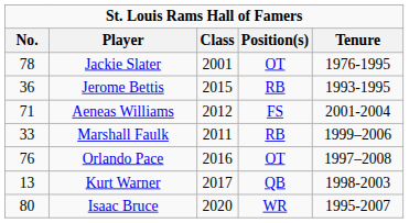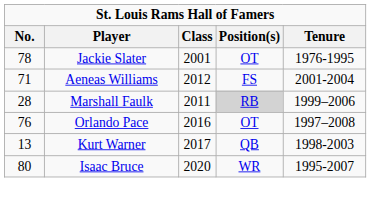 <table class="wikitable" style="text-align:center;">
 <tr>
 <td colspan="5"><strong>St. Louis Rams Hall of Famers</strong></td>
 </tr>
 <tr>
 <th style="width:40px; ">No.</th>
 <th style="width:150px; ">Player</th>
 <th style="width:30px; ">Class</th>
 <th style="width:40px; ">Position(s)</th>
 <th style="width:90px; ">Tenure</th>
 </tr>
 <tr>
 <td>78</td>
 <td><a href='#'>Jackie Slater</a></td>
 <td>2001</td>
 <td><a href='#'>OT</a></td>
 <td>1976-1995</td>
 </tr>
 <tr>
-<td>36</td>
-<td><a href='#'>Jerome Bettis</a></td>
-<td>2015</td>
-<td><a href='#'>RB</a></td>
-<td>1993-1995</td>
-</tr>
-<tr>
 <td>71</td>
 <td><a href='#'>Aeneas Williams</a></td>
 <td>2012</td>
 <td><a href='#'>FS</a></td>
 <td>2001-2004</td>
 </tr>
 <tr>
-<td>33</td>
+<td>28</td>
 <td><a href='#'>Marshall Faulk</a></td>
 <td>2011</td>
-<td><a href='#'>RB</a></td>
+<td style="background: lightgrey;"><a href='#'>RB</a></td>
 <td>1999–2006</td>
 </tr>
 <tr>
 <td>76</td>
 <td><a href='#'>Orlando Pace</a></td>
 <td>2016</td>
 <td><a href='#'>OT</a></td>
 <td>1997–2008</td>
 </tr>
 <tr>
 <td>13</td>
 <td><a href='#'>Kurt Warner</a></td>
 <td>2017</td>
 <td><a href='#'>QB</a></td>
 <td>1998-2003</td>
 </tr>
 <tr>
 <td>80</td>
 <td><a href='#'>Isaac Bruce</a></td>
 <td>2020</td>
 <td><a href='#'>WR</a></td>
 <td>1995-2007</td>
 </tr>
 </table>
